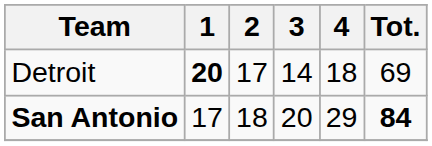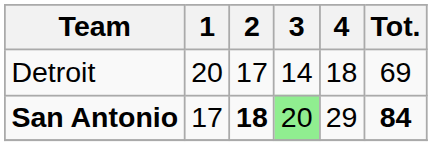 <table class="wikitable">
 <tr>
 <th align=left>Team</th>
 <th>1</th>
 <th>2</th>
 <th>3</th>
 <th>4</th>
 <th>Tot.</th>
 </tr>
 <tr style="text-align:center;">
 <td align=left>Detroit</td>
-<td><strong>20</strong></td>
+<td>20</td>
 <td>17</td>
 <td>14</td>
 <td>18</td>
 <td>69</td>
 </tr>
 <tr style="text-align:center;">
 <td align=left><strong>San Antonio</strong></td>
 <td>17</td>
-<td>18</td>
-<td>20</td>
+<td><strong>18</strong></td>
+<td style="background: lightgreen;">20</td>
 <td>29</td>
 <td><strong>84</strong></td>
 </tr>
 <tr style="text-align:center;">
 </tr>
 </table>
